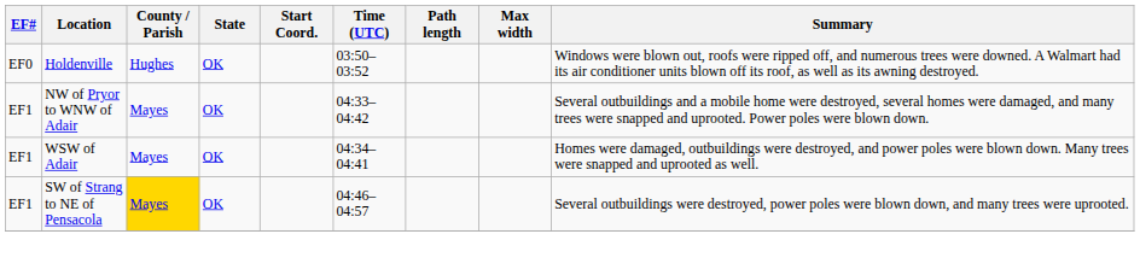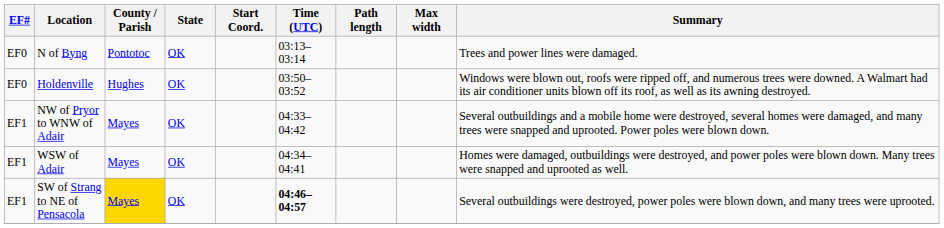 <table class="wikitable sortable" style="width:100%;">
 <tr>
 <th scope="col"  style="width:3%; text-align:center;"><a href='#'>EF#</a></th>
 <th scope="col"  style="width:7%; text-align:center;" class="unsortable">Location</th>
 <th scope="col"  style="width:6%; text-align:center;" class="unsortable">County / Parish</th>
 <th scope="col"  style="width:5%; text-align:center;">State</th>
 <th scope="col"  style="width:6%; text-align:center;">Start Coord.</th>
 <th scope="col"  style="width:6%; text-align:center;">Time (<a href='#'>UTC</a>)</th>
 <th scope="col"  style="width:6%; text-align:center;">Path length</th>
 <th scope="col"  style="width:6%; text-align:center;">Max width</th>
 <th scope="col" class="unsortable" style="width:48%; text-align:center;">Summary</th>
+</tr>
+<tr>
+<td>EF0</td>
+<td>N of <a href='#'>Byng</a></td>
+<td><a href='#'>Pontotoc</a></td>
+<td><a href='#'>OK</a></td>
+<td></td>
+<td>03:13–03:14</td>
+<td></td>
+<td></td>
+<td>Trees and power lines were damaged.</td>
 </tr>
 <tr>
 <td>EF0</td>
 <td><a href='#'>Holdenville</a></td>
 <td><a href='#'>Hughes</a></td>
 <td><a href='#'>OK</a></td>
 <td></td>
 <td>03:50–03:52</td>
 <td></td>
 <td></td>
 <td>Windows were blown out, roofs were ripped off, and numerous trees were downed. A Walmart had its air conditioner units blown off its roof, as well as its awning destroyed.</td>
 </tr>
 <tr>
 <td>EF1</td>
 <td>NW of <a href='#'>Pryor</a> to WNW of <a href='#'>Adair</a></td>
 <td><a href='#'>Mayes</a></td>
 <td><a href='#'>OK</a></td>
 <td></td>
 <td>04:33–04:42</td>
 <td></td>
 <td></td>
 <td>Several outbuildings and a mobile home were destroyed, several homes were damaged, and many trees were snapped and uprooted. Power poles were blown down.</td>
 </tr>
 <tr>
 <td>EF1</td>
 <td>WSW of <a href='#'>Adair</a></td>
 <td><a href='#'>Mayes</a></td>
 <td><a href='#'>OK</a></td>
 <td></td>
 <td>04:34–04:41</td>
 <td></td>
 <td></td>
 <td>Homes were damaged, outbuildings were destroyed, and power poles were blown down. Many trees were snapped and uprooted as well.</td>
 </tr>
 <tr>
 <td>EF1</td>
 <td>SW of <a href='#'>Strang</a> to NE of <a href='#'>Pensacola</a></td>
 <td style="background: gold;"><a href='#'>Mayes</a></td>
 <td><a href='#'>OK</a></td>
 <td></td>
-<td>04:46–04:57</td>
+<td><strong>04:46–04:57</strong></td>
 <td></td>
 <td></td>
 <td>Several outbuildings were destroyed, power poles were blown down, and many trees were uprooted.</td>
 </tr>
 <tr>
 </tr>
 </table>
